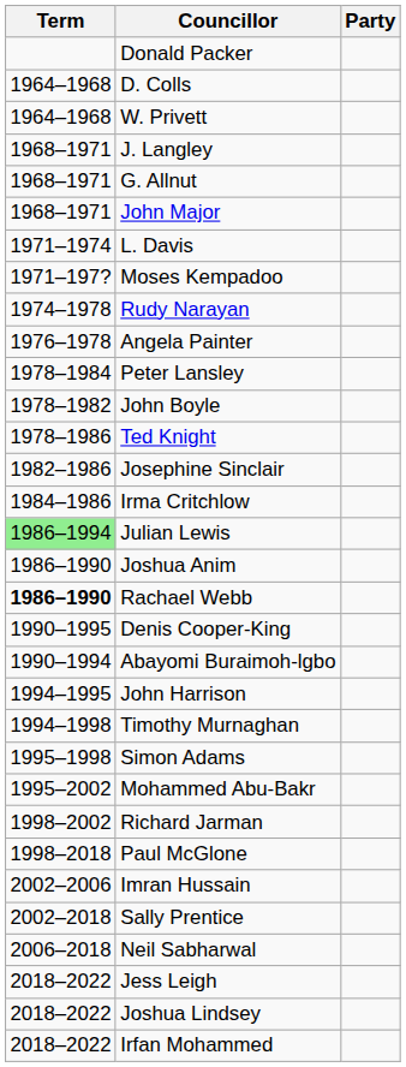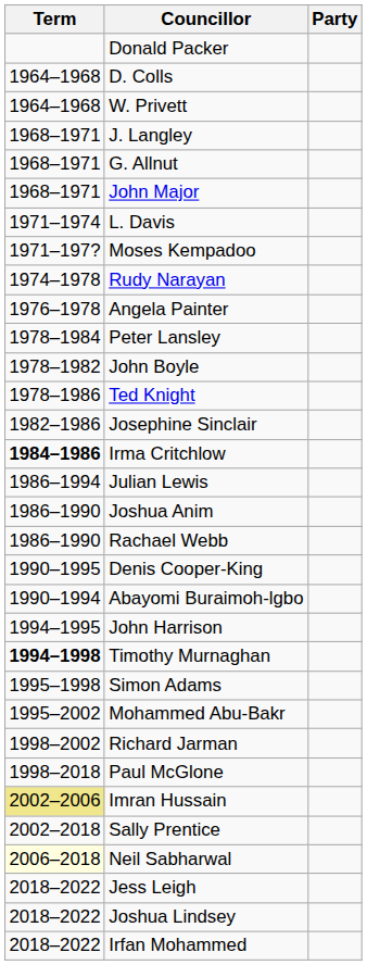 <table class="wikitable">
 <tr>
 <th>Term</th>
 <th>Councillor</th>
 <th colspan=2>Party</th>
 </tr>
 <tr>
 <td></td>
 <td>Donald Packer</td>
 <td></td>
 </tr>
 <tr>
 <td>1964–1968</td>
 <td>D. Colls</td>
 <td></td>
 </tr>
 <tr>
 <td>1964–1968</td>
 <td>W. Privett</td>
 <td></td>
 </tr>
 <tr>
 <td>1968–1971</td>
 <td>J. Langley</td>
 <td></td>
 </tr>
 <tr>
 <td>1968–1971</td>
 <td>G. Allnut</td>
 <td></td>
 </tr>
 <tr>
 <td>1968–1971</td>
 <td><a href='#'>John Major</a></td>
 <td></td>
 </tr>
 <tr>
 <td>1971–1974</td>
 <td>L. Davis</td>
 <td></td>
 </tr>
 <tr>
 <td>1971–197?</td>
 <td>Moses Kempadoo</td>
 <td></td>
 </tr>
 <tr>
 <td>1974–1978</td>
 <td><a href='#'>Rudy Narayan</a></td>
 <td></td>
 </tr>
 <tr>
 <td>1976–1978</td>
 <td>Angela Painter</td>
 <td></td>
 </tr>
 <tr>
 <td>1978–1984</td>
 <td>Peter Lansley</td>
 <td></td>
 </tr>
 <tr>
 <td>1978–1982</td>
 <td>John Boyle</td>
 <td></td>
 </tr>
 <tr>
 <td>1978–1986</td>
 <td><a href='#'>Ted Knight</a></td>
 <td></td>
 </tr>
 <tr>
 <td>1982–1986</td>
 <td>Josephine Sinclair</td>
 <td></td>
 </tr>
 <tr>
-<td>1984–1986</td>
+<td><strong>1984–1986</strong></td>
 <td>Irma Critchlow</td>
 <td></td>
 </tr>
 <tr>
-<td style="background: lightgreen;">1986–1994</td>
+<td>1986–1994</td>
 <td>Julian Lewis</td>
 <td></td>
 </tr>
 <tr>
 <td>1986–1990</td>
 <td>Joshua Anim</td>
 <td></td>
 </tr>
 <tr>
-<td><strong>1986–1990</strong></td>
+<td>1986–1990</td>
 <td>Rachael Webb</td>
 <td></td>
 </tr>
 <tr>
 <td>1990–1995</td>
 <td>Denis Cooper-King</td>
 <td></td>
 </tr>
 <tr>
 <td>1990–1994</td>
 <td>Abayomi Buraimoh-lgbo</td>
 <td></td>
 </tr>
 <tr>
 <td>1994–1995</td>
 <td>John Harrison</td>
 <td></td>
 </tr>
 <tr>
-<td>1994–1998</td>
+<td><strong>1994–1998</strong></td>
 <td>Timothy Murnaghan</td>
 <td></td>
 </tr>
 <tr>
 <td>1995–1998</td>
 <td>Simon Adams</td>
 <td></td>
 </tr>
 <tr>
 <td>1995–2002</td>
 <td>Mohammed Abu-Bakr</td>
 <td></td>
 </tr>
 <tr>
 <td>1998–2002</td>
 <td>Richard Jarman</td>
 <td></td>
 </tr>
 <tr>
 <td>1998–2018</td>
 <td>Paul McGlone</td>
 <td></td>
 </tr>
 <tr>
-<td>2002–2006</td>
+<td style="background: khaki;">2002–2006</td>
 <td>Imran Hussain</td>
 <td></td>
 </tr>
 <tr>
 <td>2002–2018</td>
 <td>Sally Prentice</td>
 <td></td>
 </tr>
 <tr>
-<td>2006–2018</td>
+<td style="background: lightyellow;">2006–2018</td>
 <td>Neil Sabharwal</td>
 <td></td>
 </tr>
 <tr>
 <td>2018–2022</td>
 <td>Jess Leigh</td>
 <td></td>
 </tr>
 <tr>
 <td>2018–2022</td>
 <td>Joshua Lindsey</td>
 <td></td>
 </tr>
 <tr>
 <td>2018–2022</td>
 <td>Irfan Mohammed</td>
 <td></td>
 </tr>
 </table>
